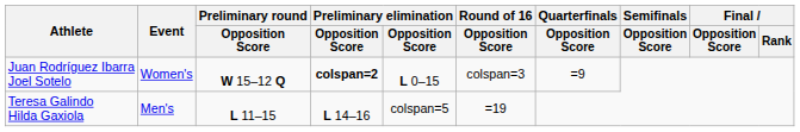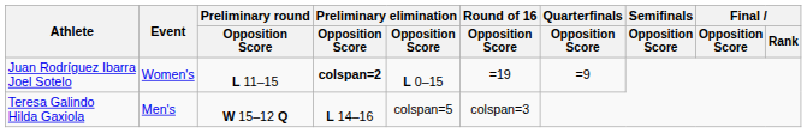 <table class=wikitable style=font-size:90%;text-align:center>
 <tr>
 <th rowspan=2>Athlete</th>
 <th rowspan=2>Event</th>
 <th>Preliminary round</th>
 <th colspan=2>Preliminary elimination</th>
 <th>Round of 16</th>
 <th>Quarterfinals</th>
 <th>Semifinals</th>
 <th colspan=2>Final / </th>
 </tr>
 <tr style=font-size:95%>
 <th>Opposition<br>Score</th>
 <th>Opposition<br>Score</th>
 <th>Opposition<br>Score</th>
 <th>Opposition<br>Score</th>
 <th>Opposition<br>Score</th>
 <th>Opposition<br>Score</th>
 <th>Opposition<br>Score</th>
 <th>Rank</th>
 </tr>
 <tr>
 <td align=left><a href='#'>Juan Rodríguez Ibarra</a><br><a href='#'>Joel Sotelo</a></td>
 <td align=left><a href='#'>Women's</a></td>
-<td><br><strong>W</strong> 15–12 <strong>Q</strong></td>
+<td><br><strong>L</strong> 11–15</td>
 <td><strong>colspan=2 </strong></td>
 <td><br><strong>L</strong> 0–15</td>
-<td>colspan=3 </td>
+<td>=19</td>
 <td>=9</td>
 </tr>
 <tr>
 <td align=left><a href='#'>Teresa Galindo</a><br><a href='#'>Hilda Gaxiola</a></td>
 <td align=left><a href='#'>Men's</a></td>
-<td><br><strong>L</strong> 11–15</td>
+<td><br><strong>W</strong> 15–12 <strong>Q</strong></td>
 <td><br><strong>L</strong> 14–16</td>
 <td>colspan=5 </td>
-<td>=19</td>
+<td>colspan=3 </td>
 </tr>
 </table>
